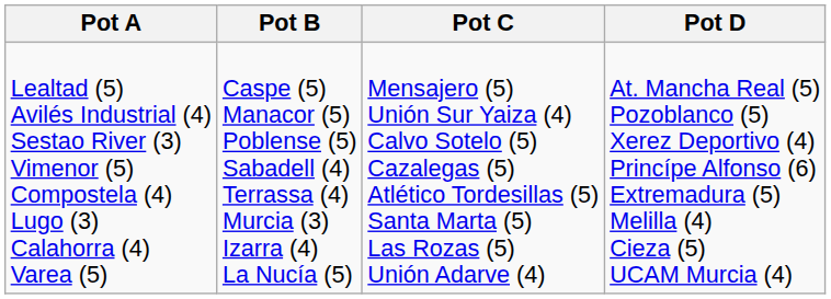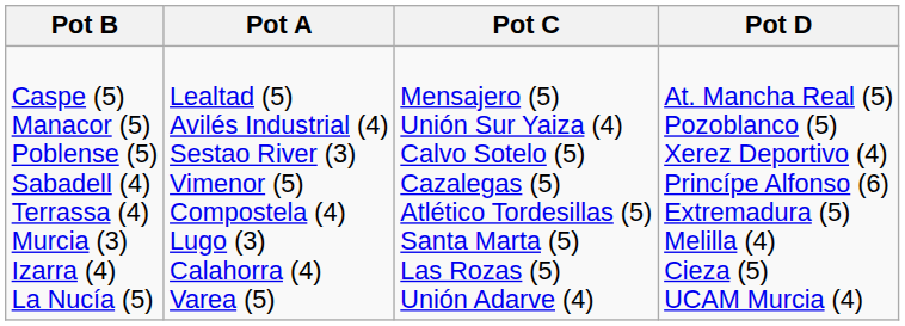 <table class="wikitable">
 <tr>
+<th>Pot B</th>
 <th>Pot A</th>
-<th>Pot B</th>
 <th>Pot C</th>
 <th>Pot D</th>
 </tr>
 <tr style="vertical-align:top">
+<td><br> <a href='#'>Caspe</a> (5)<br>  <a href='#'>Manacor</a> (5)<br>  <a href='#'>Poblense</a> (5)<br>  <a href='#'>Sabadell</a> (4)<br>  <a href='#'>Terrassa</a> (4)<br>  <a href='#'>Murcia</a> (3)<br>  <a href='#'>Izarra</a> (4)<br>  <a href='#'>La Nucía</a> (5)</td>
 <td><br> <a href='#'>Lealtad</a> (5)<br>  <a href='#'>Avilés Industrial</a> (4)<br>  <a href='#'>Sestao River</a> (3)<br>  <a href='#'>Vimenor</a> (5)<br>  <a href='#'>Compostela</a> (4)<br>  <a href='#'>Lugo</a> (3)<br>  <a href='#'>Calahorra</a> (4)<br>  <a href='#'>Varea</a> (5)</td>
-<td><br> <a href='#'>Caspe</a> (5)<br>  <a href='#'>Manacor</a> (5)<br>  <a href='#'>Poblense</a> (5)<br>  <a href='#'>Sabadell</a> (4)<br>  <a href='#'>Terrassa</a> (4)<br>  <a href='#'>Murcia</a> (3)<br>  <a href='#'>Izarra</a> (4)<br>  <a href='#'>La Nucía</a> (5)</td>
 <td><br> <a href='#'>Mensajero</a> (5)<br>  <a href='#'>Unión Sur Yaiza</a> (4)<br>  <a href='#'>Calvo Sotelo</a> (5)<br>  <a href='#'>Cazalegas</a> (5)<br>  <a href='#'>Atlético Tordesillas</a> (5)<br>  <a href='#'>Santa Marta</a> (5)<br>  <a href='#'>Las Rozas</a> (5)<br>  <a href='#'>Unión Adarve</a> (4)</td>
 <td><br> <a href='#'>At. Mancha Real</a> (5)<br>  <a href='#'>Pozoblanco</a> (5)<br>  <a href='#'>Xerez Deportivo</a> (4)<br>  <a href='#'>Princípe Alfonso</a> (6)<br>  <a href='#'>Extremadura</a> (5)<br>  <a href='#'>Melilla</a> (4) <br>  <a href='#'>Cieza</a> (5)<br>  <a href='#'>UCAM Murcia</a> (4)</td>
 </tr>
 </table>
